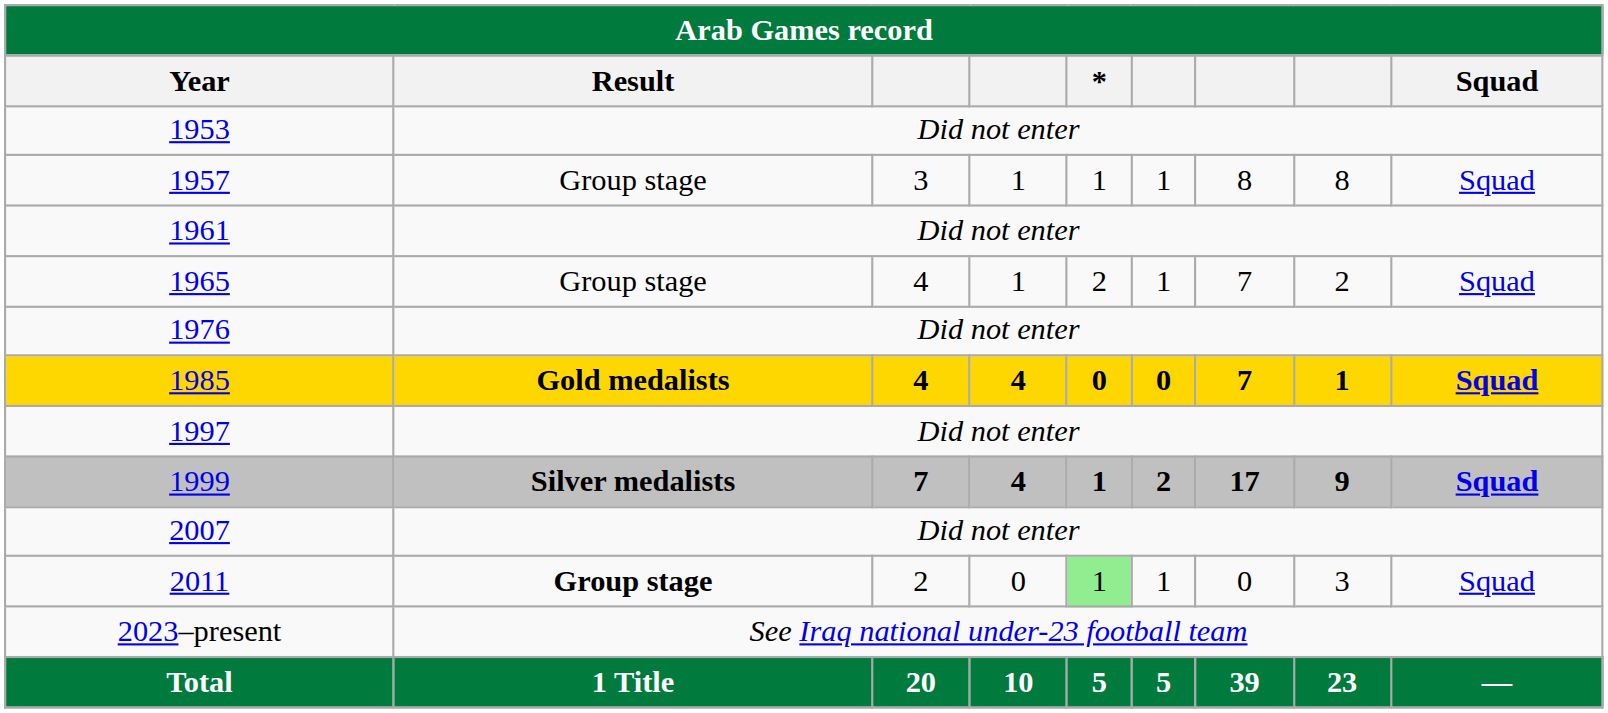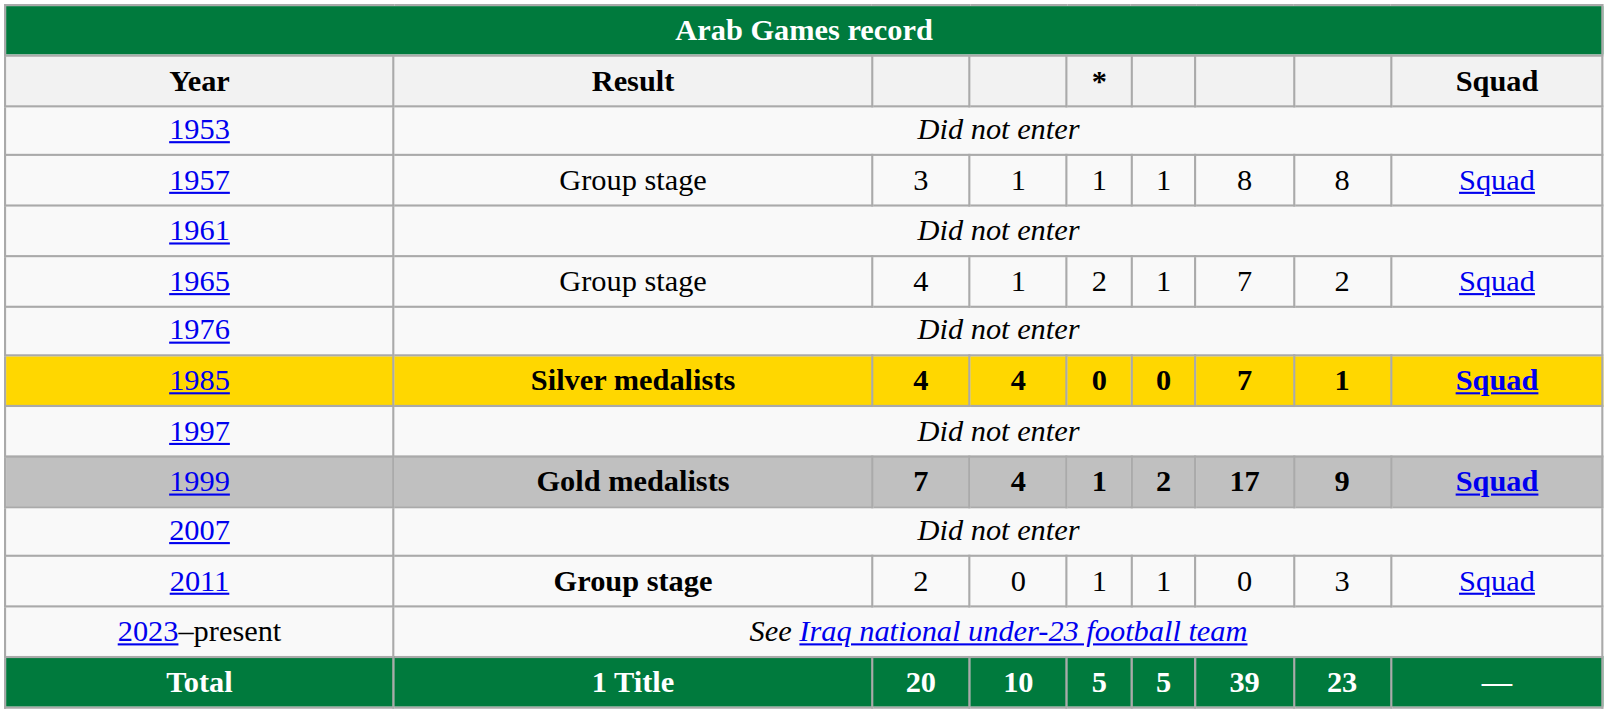 <table class="wikitable collapsed" style="font-size:90%; text-align:center;" width="60%">
 <tr>
 <th colspan=9 style="background: #007A3D; color: #FFFFFF;">Arab Games record</th>
 </tr>
 <tr>
 <th>Year</th>
 <th>Result</th>
 <th></th>
 <th></th>
 <th>*</th>
 <th></th>
 <th></th>
 <th></th>
 <th>Squad</th>
 </tr>
 <tr>
 <td> <a href='#'>1953</a></td>
 <td rowspan=1 colspan=8><em>Did not enter</em></td>
 </tr>
 <tr>
 <td> <a href='#'>1957</a></td>
 <td>Group stage</td>
 <td>3</td>
 <td>1</td>
 <td>1</td>
 <td>1</td>
 <td>8</td>
 <td>8</td>
 <td><a href='#'>Squad</a></td>
 </tr>
 <tr>
 <td> <a href='#'>1961</a></td>
 <td rowspan=1 colspan=8><em>Did not enter</em></td>
 </tr>
 <tr>
 <td> <a href='#'>1965</a></td>
 <td>Group stage</td>
 <td>4</td>
 <td>1</td>
 <td>2</td>
 <td>1</td>
 <td>7</td>
 <td>2</td>
 <td><a href='#'>Squad</a></td>
 </tr>
 <tr>
 <td> <a href='#'>1976</a></td>
 <td rowspan=1 colspan=8><em>Did not enter</em></td>
 </tr>
 <tr bgcolor=gold>
 <td> <a href='#'>1985</a></td>
-<td><strong>Gold medalists</strong></td>
+<td><strong>Silver medalists</strong></td>
 <td><strong>4</strong></td>
 <td><strong>4</strong></td>
 <td><strong>0</strong></td>
 <td><strong>0</strong></td>
 <td><strong>7</strong></td>
 <td><strong>1</strong></td>
 <td><strong><a href='#'>Squad</a></strong></td>
 </tr>
 <tr>
 <td> <a href='#'>1997</a></td>
 <td rowspan=1 colspan=8><em>Did not enter</em></td>
 </tr>
 <tr bgcolor=silver>
 <td> <a href='#'>1999</a></td>
-<td><strong>Silver medalists</strong></td>
+<td><strong>Gold medalists</strong></td>
 <td><strong>7</strong></td>
 <td><strong>4</strong></td>
 <td><strong>1</strong></td>
 <td><strong>2</strong></td>
 <td><strong>17</strong></td>
 <td><strong>9</strong></td>
 <td><strong><a href='#'>Squad</a></strong></td>
 </tr>
 <tr>
 <td> <a href='#'>2007</a></td>
 <td rowspan=1 colspan=8><em>Did not enter</em></td>
 </tr>
 <tr>
 <td> <a href='#'>2011</a></td>
 <td><strong>Group stage</strong></td>
 <td>2</td>
 <td>0</td>
-<td style="background: lightgreen;">1</td>
+<td>1</td>
 <td>1</td>
 <td>0</td>
 <td>3</td>
 <td><a href='#'>Squad</a></td>
 </tr>
 <tr>
 <td> <a href='#'>2023</a>–present</td>
 <td colspan="8"><em>See <a href='#'>Iraq national under-23 football team</a></em></td>
 </tr>
 <tr>
 <th style="background: #007A3D; color: #FFFFFF;">Total</th>
 <th style="background: #007A3D; color: #FFFFFF;">1 Title</th>
 <th style="background: #007A3D; color: #FFFFFF;">20</th>
 <th style="background: #007A3D; color: #FFFFFF;">10</th>
 <th style="background: #007A3D; color: #FFFFFF;">5</th>
 <th style="background: #007A3D; color: #FFFFFF;">5</th>
 <th style="background: #007A3D; color: #FFFFFF;">39</th>
 <th style="background: #007A3D; color: #FFFFFF;">23</th>
 <th style="background: #007A3D; color: #FFFFFF;">—</th>
 </tr>
 </table>
